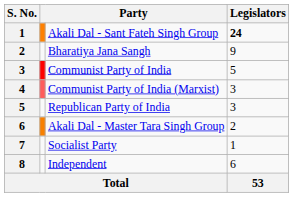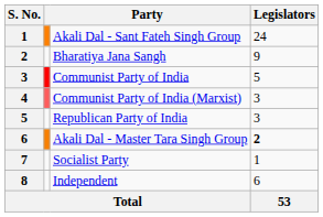 <table class="wikitable" style"text-align:center">
 <tr>
 <th>S. No.</th>
 <th colspan=2>Party</th>
 <th>Legislators</th>
 </tr>
 <tr>
 <th>1</th>
 <td bgcolor=#FF8000></td>
 <td><a href='#'>Akali Dal - Sant Fateh Singh Group</a></td>
-<td><strong>24</strong></td>
+<td>24</td>
 </tr>
 <tr>
 <th>2</th>
 <td bgcolor=></td>
 <td><a href='#'>Bharatiya Jana Sangh</a></td>
 <td>9</td>
 </tr>
 <tr>
 <th>3</th>
 <td bgcolor=red></td>
 <td><a href='#'>Communist Party of India</a></td>
 <td>5</td>
 </tr>
 <tr>
 <th>4</th>
 <td bgcolor=#FF5C5C></td>
 <td><a href='#'>Communist Party of India (Marxist)</a></td>
 <td>3</td>
 </tr>
 <tr>
 <th>5</th>
 <td bgcolor=></td>
 <td><a href='#'>Republican Party of India</a></td>
 <td>3</td>
 </tr>
 <tr>
 <th>6</th>
 <td bgcolor=#F88000></td>
 <td><a href='#'>Akali Dal - Master Tara Singh Group</a></td>
-<td>2</td>
+<td><strong>2</strong></td>
 </tr>
 <tr>
 <th>7</th>
 <td bgcolor=></td>
 <td><a href='#'>Socialist Party</a></td>
 <td>1</td>
 </tr>
 <tr>
 <th>8</th>
 <td bgcolor=></td>
 <td><a href='#'>Independent</a></td>
 <td>6</td>
 </tr>
 <tr>
 <th colspan=3>Total</th>
 <th>53</th>
 </tr>
 </table>
